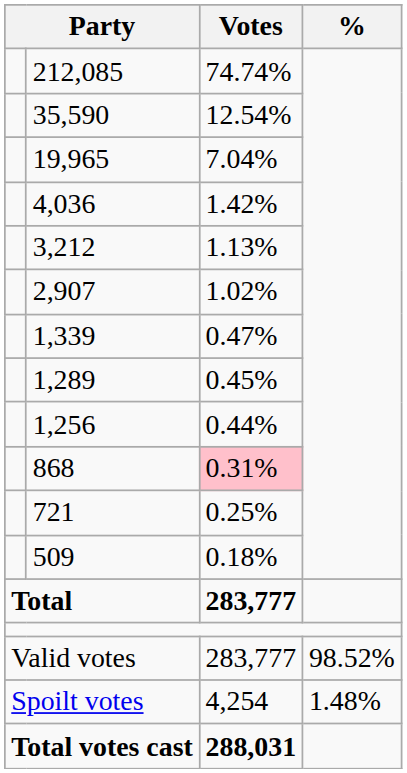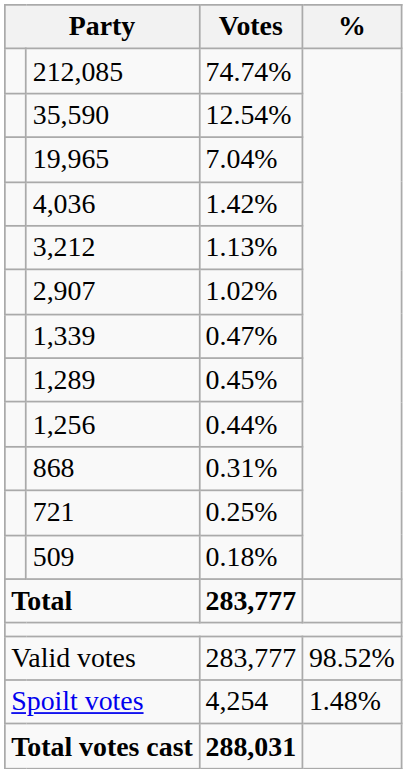 <table class="wikitable">
 <tr>
 <th colspan=2>Party</th>
 <th>Votes</th>
 <th>%</th>
 </tr>
 <tr>
 <td></td>
 <td>212,085</td>
 <td>74.74%</td>
 </tr>
 <tr>
 <td></td>
 <td>35,590</td>
 <td>12.54%</td>
 </tr>
 <tr>
 <td></td>
 <td>19,965</td>
 <td>7.04%</td>
 </tr>
 <tr>
 <td></td>
 <td>4,036</td>
 <td>1.42%</td>
 </tr>
 <tr>
 <td></td>
 <td>3,212</td>
 <td>1.13%</td>
 </tr>
 <tr>
 <td></td>
 <td>2,907</td>
 <td>1.02%</td>
 </tr>
 <tr>
 <td></td>
 <td>1,339</td>
 <td>0.47%</td>
 </tr>
 <tr>
 <td></td>
 <td>1,289</td>
 <td>0.45%</td>
 </tr>
 <tr>
 <td></td>
 <td>1,256</td>
 <td>0.44%</td>
 </tr>
 <tr>
 <td></td>
 <td>868</td>
-<td style="background: pink;">0.31%</td>
+<td>0.31%</td>
 </tr>
 <tr>
 <td></td>
 <td>721</td>
 <td>0.25%</td>
 </tr>
 <tr>
 <td></td>
 <td>509</td>
 <td>0.18%</td>
 </tr>
 <tr>
 <td colspan="2" style="text-align:left"><strong>Total</strong></td>
 <td><strong>283,777</strong></td>
 <td></td>
 </tr>
 <tr>
 <td colspan="9"></td>
 </tr>
 <tr>
 <td colspan="2" style="text-align:left">Valid votes</td>
 <td>283,777</td>
 <td>98.52%</td>
 </tr>
 <tr>
 <td colspan="2" style="text-align:left"><a href='#'>Spoilt votes</a></td>
 <td>4,254</td>
 <td>1.48%</td>
 </tr>
 <tr>
 <td colspan="2" style="text-align:left"><strong>Total votes cast</strong></td>
 <td><strong>288,031</strong></td>
 <td></td>
 </tr>
 </table>
